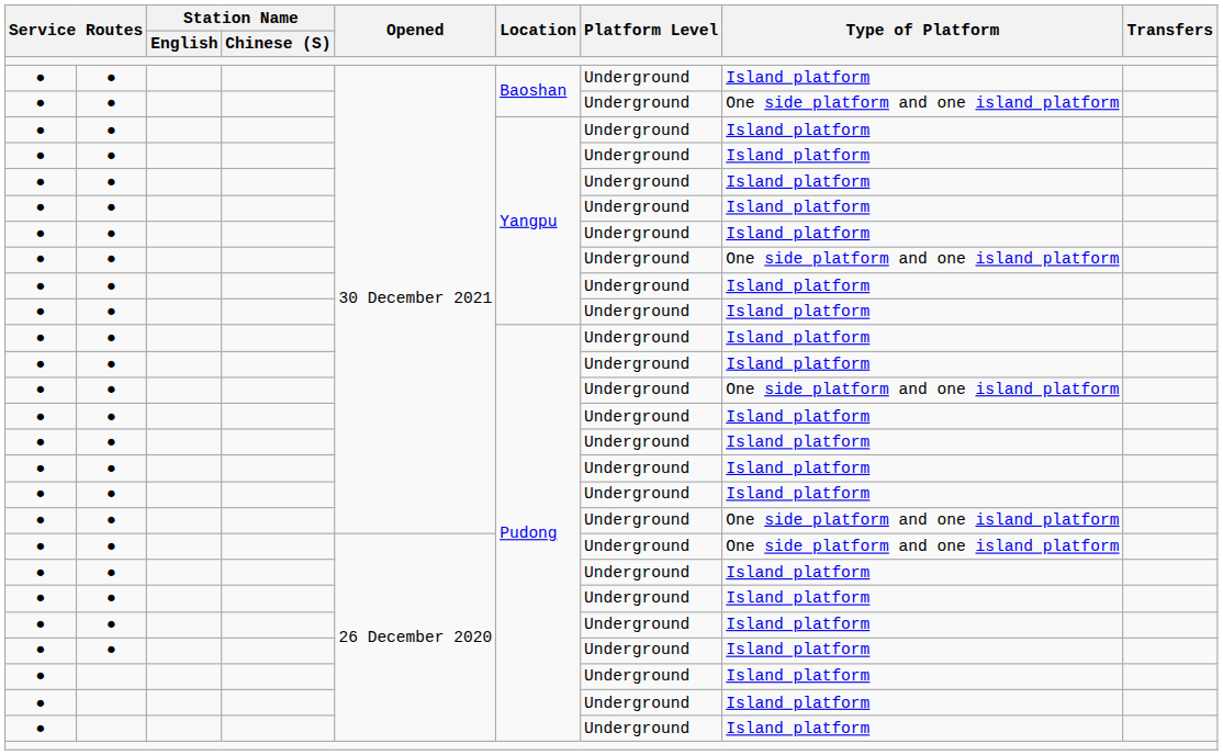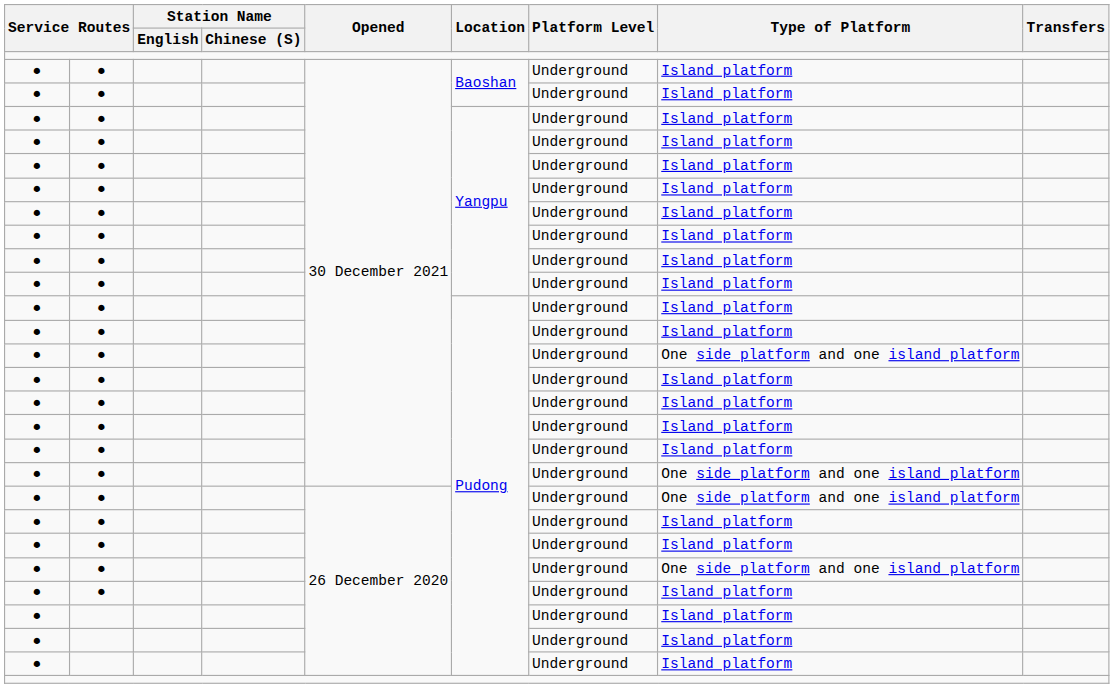 <table class=wikitable>
 <tr>
 <th colspan=2 rowspan=2>Service Routes</th>
 <th colspan=2 style="text-align:center;">Station Name</th>
 <th rowspan=2>Opened</th>
 <th rowspan=2 style="text-align:center;">Location</th>
 <th rowspan=2>Platform Level</th>
 <th rowspan=2>Type of Platform</th>
 <th rowspan=2 style="text-align:center;">Transfers</th>
 </tr>
 <tr>
 <th>English</th>
 <th>Chinese (S)</th>
 </tr>
 <tr style=background:#>
 <td colspan=9></td>
 </tr>
 <tr>
 <td align="center">●</td>
 <td align="center">●</td>
 <td></td>
 <td><span></span></td>
 <td rowspan=18>30 December 2021</td>
 <td rowspan=2><a href='#'>Baoshan</a></td>
 <td>Underground</td>
 <td><a href='#'>Island platform</a></td>
 <td></td>
 </tr>
 <tr>
 <td align="center">●</td>
 <td align="center">●</td>
 <td></td>
 <td><span></span></td>
 <td>Underground</td>
-<td>One <a href='#'>side platform</a> and one <a href='#'>island platform</a></td>
+<td><a href='#'>Island platform</a></td>
 <td></td>
 </tr>
 <tr>
 <td align="center">●</td>
 <td align="center">●</td>
 <td></td>
 <td><span></span></td>
 <td rowspan=8><a href='#'>Yangpu</a></td>
 <td>Underground</td>
 <td><a href='#'>Island platform</a></td>
 <td></td>
 </tr>
 <tr>
 <td align="center">●</td>
 <td align="center">●</td>
 <td></td>
 <td><span></span></td>
 <td>Underground</td>
 <td><a href='#'>Island platform</a></td>
 <td></td>
 </tr>
 <tr>
 <td align="center">●</td>
 <td align="center">●</td>
 <td></td>
 <td><span></span></td>
 <td>Underground</td>
 <td><a href='#'>Island platform</a></td>
 <td></td>
 </tr>
 <tr>
 <td align="center">●</td>
 <td align="center">●</td>
 <td></td>
 <td><span></span></td>
 <td>Underground</td>
 <td><a href='#'>Island platform</a></td>
 <td></td>
 </tr>
 <tr>
 <td align="center">●</td>
 <td align="center">●</td>
 <td></td>
 <td><span></span></td>
 <td>Underground</td>
 <td><a href='#'>Island platform</a></td>
 <td></td>
 </tr>
 <tr>
 <td align="center">●</td>
 <td align="center">●</td>
 <td></td>
 <td><span></span></td>
 <td>Underground</td>
-<td>One <a href='#'>side platform</a> and one <a href='#'>island platform</a></td>
+<td><a href='#'>Island platform</a></td>
 <td></td>
 </tr>
 <tr>
 <td align="center">●</td>
 <td align="center">●</td>
 <td></td>
 <td><span></span></td>
 <td>Underground</td>
 <td><a href='#'>Island platform</a></td>
 <td></td>
 </tr>
 <tr>
 <td align="center">●</td>
 <td align="center">●</td>
 <td></td>
 <td><span></span></td>
 <td>Underground</td>
 <td><a href='#'>Island platform</a></td>
 <td></td>
 </tr>
 <tr>
 <td align="center">●</td>
 <td align="center">●</td>
 <td></td>
 <td><span></span></td>
 <td rowspan=16><a href='#'>Pudong</a></td>
 <td>Underground</td>
 <td><a href='#'>Island platform</a></td>
 <td></td>
 </tr>
 <tr>
 <td align="center">●</td>
 <td align="center">●</td>
 <td></td>
 <td><span></span></td>
 <td>Underground</td>
 <td><a href='#'>Island platform</a></td>
 <td></td>
 </tr>
 <tr>
 <td align="center">●</td>
 <td align="center">●</td>
 <td></td>
 <td><span></span></td>
 <td>Underground</td>
 <td>One <a href='#'>side platform</a> and one <a href='#'>island platform</a></td>
 <td></td>
 </tr>
 <tr>
 <td align="center">●</td>
 <td align="center">●</td>
 <td></td>
 <td><span></span></td>
 <td>Underground</td>
 <td><a href='#'>Island platform</a></td>
 </tr>
 <tr>
 <td align="center">●</td>
 <td align="center">●</td>
 <td></td>
 <td><span></span></td>
 <td>Underground</td>
 <td><a href='#'>Island platform</a></td>
 <td> </td>
 </tr>
 <tr>
 <td align="center">●</td>
 <td align="center">●</td>
 <td></td>
 <td><span></span></td>
 <td>Underground</td>
 <td><a href='#'>Island platform</a></td>
 <td></td>
 </tr>
 <tr>
 <td align="center">●</td>
 <td align="center">●</td>
 <td></td>
 <td><span></span></td>
 <td>Underground</td>
 <td><a href='#'>Island platform</a></td>
 <td></td>
 </tr>
 <tr>
 <td align="center">●</td>
 <td align="center">●</td>
 <td></td>
 <td><span></span></td>
 <td>Underground</td>
 <td>One <a href='#'>side platform</a> and one <a href='#'>island platform</a></td>
 <td></td>
 </tr>
 <tr>
 <td align="center">●</td>
 <td align="center">●</td>
 <td></td>
 <td><span></span></td>
 <td rowspan=8>26 December 2020</td>
 <td>Underground</td>
 <td>One <a href='#'>side platform</a> and one <a href='#'>island platform</a></td>
 <td></td>
 </tr>
 <tr>
 <td align="center">●</td>
 <td align="center">●</td>
 <td></td>
 <td><span></span></td>
 <td>Underground</td>
 <td><a href='#'>Island platform</a></td>
 <td></td>
 </tr>
 <tr>
 <td align="center">●</td>
 <td align="center">●</td>
 <td></td>
 <td><span></span></td>
 <td>Underground</td>
 <td><a href='#'>Island platform</a></td>
 <td></td>
 </tr>
 <tr>
 <td align="center">●</td>
 <td align="center">●</td>
 <td></td>
 <td><span></span></td>
 <td>Underground</td>
-<td><a href='#'>Island platform</a></td>
+<td>One <a href='#'>side platform</a> and one <a href='#'>island platform</a></td>
 <td></td>
 </tr>
 <tr>
 <td align="center">●</td>
 <td align="center">●</td>
 <td></td>
 <td><span></span></td>
 <td>Underground</td>
 <td><a href='#'>Island platform</a></td>
 <td></td>
 </tr>
 <tr>
 <td align="center">●</td>
 <td align="center"></td>
 <td></td>
 <td><span></span></td>
 <td>Underground</td>
 <td><a href='#'>Island platform</a></td>
 <td></td>
 </tr>
 <tr>
 <td align="center">●</td>
 <td align="center"></td>
 <td></td>
 <td><span></span></td>
 <td>Underground</td>
 <td><a href='#'>Island platform</a></td>
 <td></td>
 </tr>
 <tr>
 <td align="center">●</td>
 <td align="center"></td>
 <td></td>
 <td><span></span></td>
 <td>Underground</td>
 <td><a href='#'>Island platform</a></td>
 <td></td>
 </tr>
 <tr style=background:#>
 <td colspan=9></td>
 </tr>
 </table>
